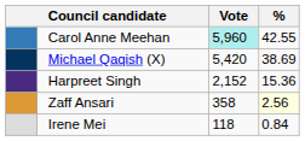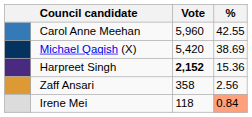 <table class="wikitable">
 <tr>
 <th bgcolor="#DDDDFF" width="230px" colspan="2">Council candidate</th>
 <th bgcolor="#DDDDFF" width="50px">Vote</th>
 <th bgcolor="#DDDDFF" width="30px">%</th>
 </tr>
 <tr>
 <td bgcolor=#337AB7 width="30px"> </td>
 <td>  Carol Anne Meehan</td>
-<td style="background: paleturquoise;">5,960</td>
+<td>5,960</td>
 <td>42.55</td>
 </tr>
 <tr>
 <td bgcolor=#053360 width="30px"> </td>
 <td>  <a href='#'>Michael Qaqish</a> (X)</td>
 <td>5,420</td>
 <td>38.69</td>
 </tr>
 <tr>
 <td bgcolor=#492A80 width="30px"> </td>
 <td>  Harpreet Singh</td>
-<td>2,152</td>
+<td><strong>2,152</strong></td>
 <td>15.36</td>
 </tr>
 <tr>
 <td bgcolor=#DD9933 width="30px"> </td>
 <td>  Zaff Ansari</td>
 <td>358</td>
-<td style="background: lightyellow;">2.56</td>
+<td>2.56</td>
 </tr>
 <tr>
 <td bgcolor=#DCDCDC width="30px"> </td>
 <td>  Irene Mei</td>
 <td>118</td>
-<td>0.84</td>
+<td style="background: lightsalmon;">0.84</td>
 </tr>
 </table>
